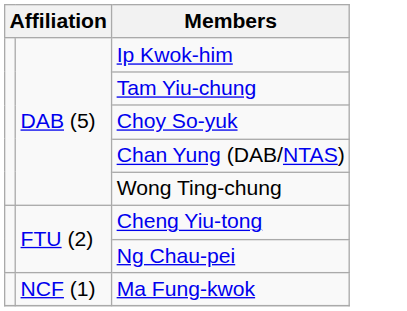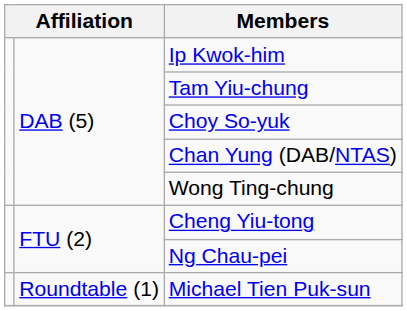 <table class="wikitable">
 <tr>
 <th colspan=2>Affiliation</th>
 <th>Members</th>
 </tr>
 <tr>
 <td rowspan=5></td>
 <td rowspan=5><a href='#'>DAB</a> (5)</td>
 <td><a href='#'>Ip Kwok-him</a></td>
 </tr>
 <tr>
 <td><a href='#'>Tam Yiu-chung</a></td>
 </tr>
 <tr>
 <td><a href='#'>Choy So-yuk</a></td>
 </tr>
 <tr>
 <td><a href='#'>Chan Yung</a> (DAB/<a href='#'>NTAS</a>)</td>
 </tr>
 <tr>
 <td>Wong Ting-chung</td>
 </tr>
 <tr>
 <td rowspan=2></td>
 <td rowspan=2><a href='#'>FTU</a> (2)</td>
 <td><a href='#'>Cheng Yiu-tong</a></td>
 </tr>
 <tr>
 <td><a href='#'>Ng Chau-pei</a></td>
 </tr>
 <tr>
 <td></td>
-<td><a href='#'>NCF</a> (1)</td>
-<td><a href='#'>Ma Fung-kwok</a></td>
+<td><a href='#'>Roundtable</a> (1)</td>
+<td><a href='#'>Michael Tien Puk-sun</a></td>
 </tr>
 <tr>
 </tr>
 </table>
